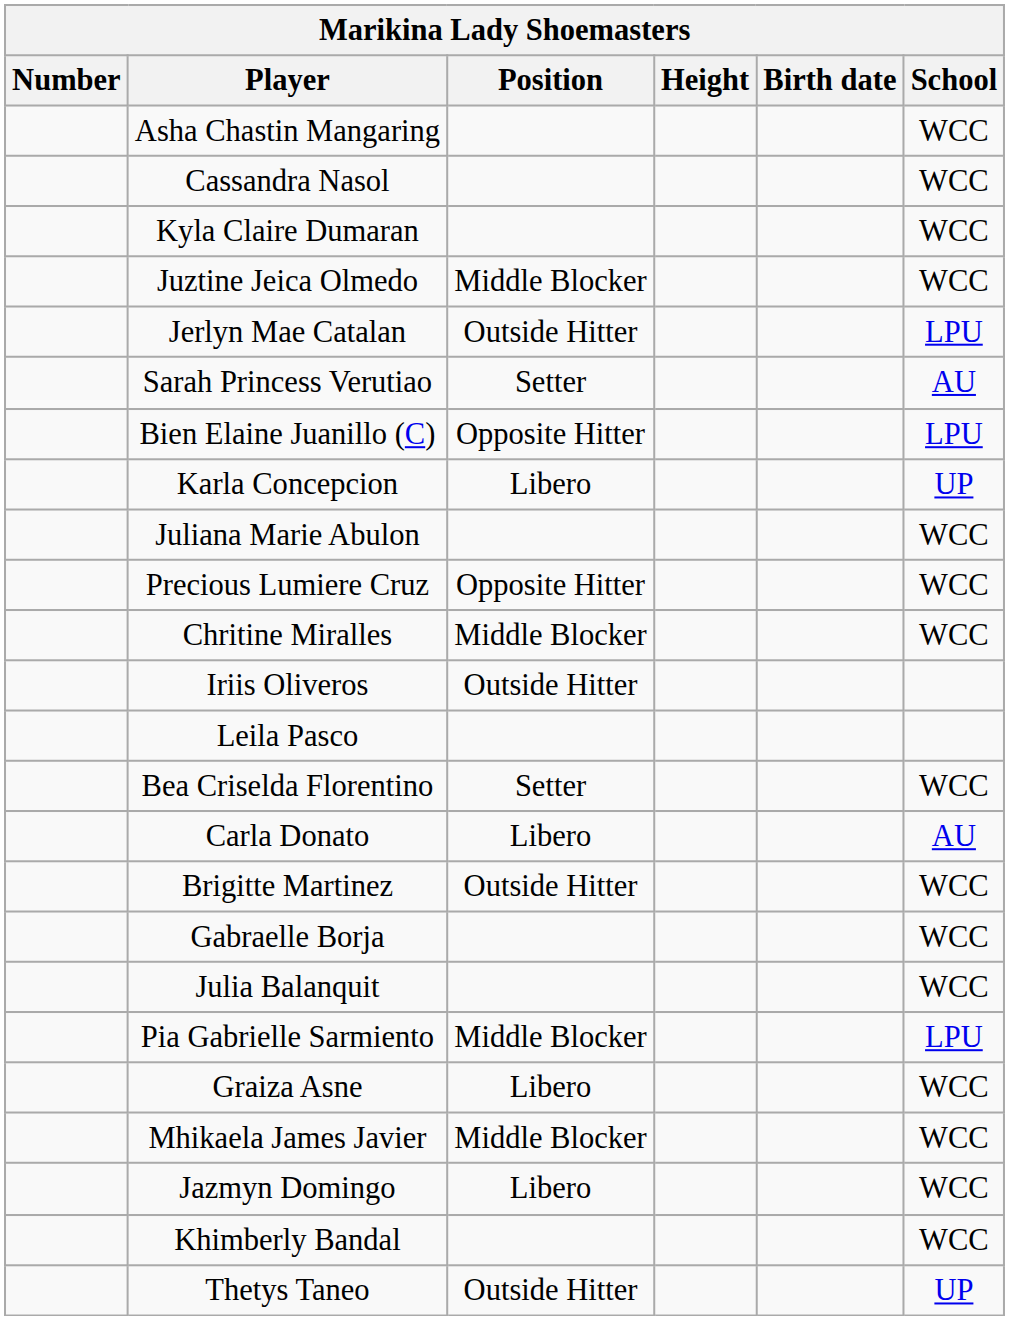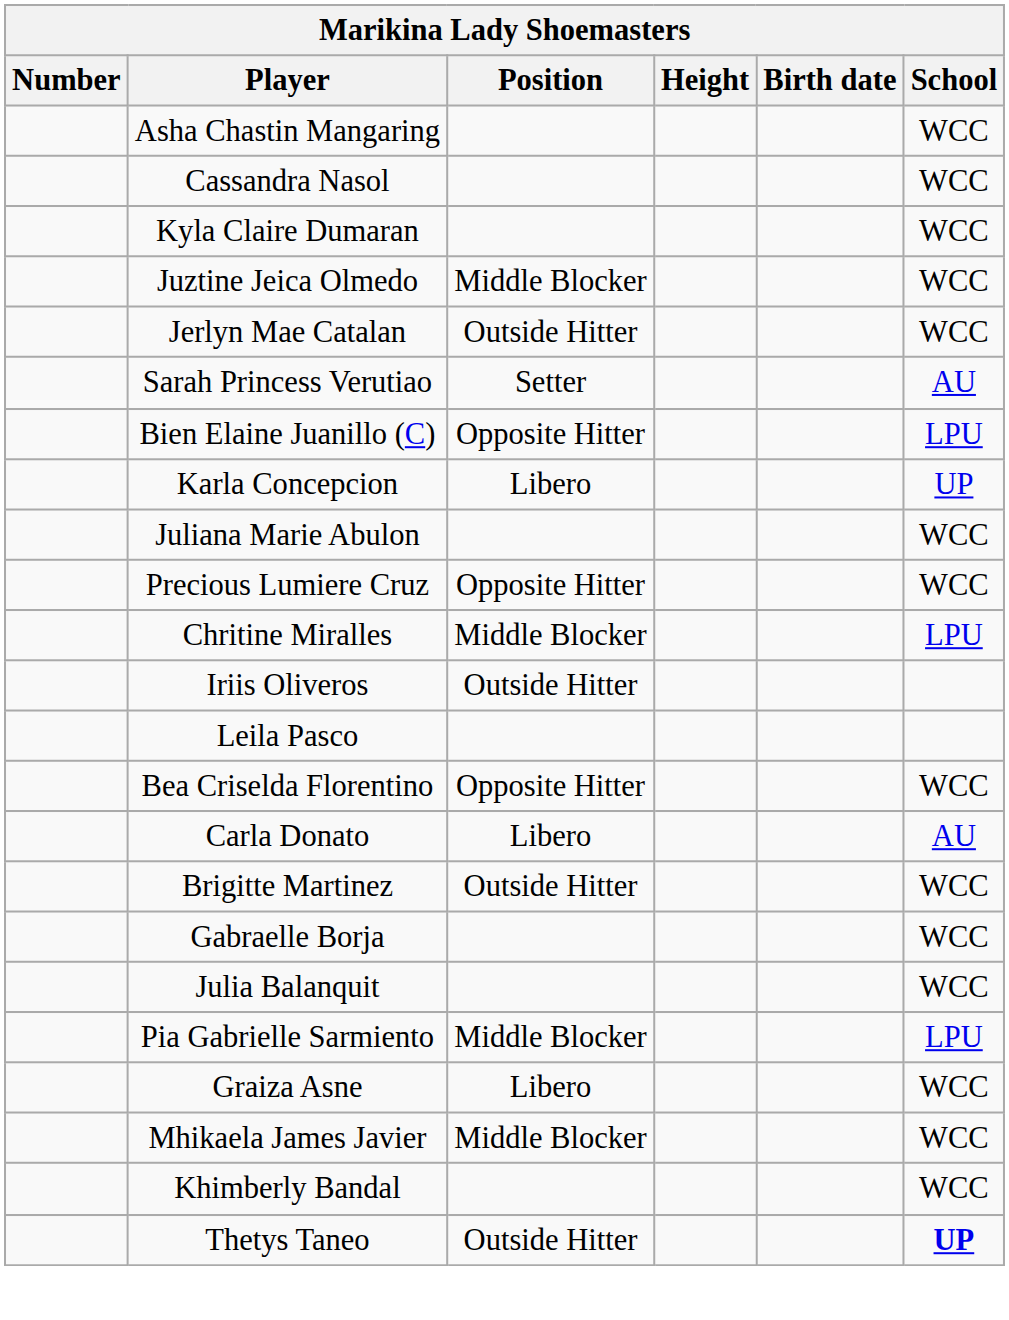 <table class="wikitable sortable" style="font-size:95%; text-align:left;">
 <tr>
 <th colspan="6"><strong>Marikina Lady Shoemasters</strong></th>
 </tr>
 <tr style="background:#FFFFFF;">
 <th style="text-align:center; width:1em;">Number</th>
 <th style"text-align:center;width:17em;">Player</th>
 <th style"text-align:center; width:9em;">Position</th>
 <th style"text-align:center; width:9em;">Height</th>
 <th style"text-align:center; width:13em;">Birth date</th>
 <th style"text-align:center; width:13em;">School</th>
 </tr>
 <tr align=center>
 <td></td>
 <td style"text-align:left">Asha Chastin Mangaring</td>
 <td></td>
 <td></td>
 <td></td>
 <td>WCC</td>
 </tr>
 <tr align=center>
 <td></td>
 <td style"text-align:left">Cassandra Nasol</td>
 <td></td>
 <td></td>
 <td></td>
 <td>WCC</td>
 </tr>
 <tr align=center>
 <td></td>
 <td style"text-align:left">Kyla Claire Dumaran</td>
 <td></td>
 <td></td>
 <td></td>
 <td>WCC</td>
 </tr>
 <tr align=center>
 <td></td>
 <td style"text-align:left">Juztine Jeica Olmedo</td>
 <td>Middle Blocker</td>
 <td></td>
 <td></td>
 <td>WCC</td>
 </tr>
 <tr align=center>
 <td></td>
 <td style"text-align:left">Jerlyn Mae Catalan</td>
 <td>Outside Hitter</td>
 <td></td>
 <td></td>
-<td><a href='#'>LPU</a></td>
+<td>WCC</td>
 </tr>
 <tr align=center>
 <td></td>
 <td style"text-align:left">Sarah Princess Verutiao</td>
 <td>Setter</td>
 <td></td>
 <td></td>
 <td><a href='#'>AU</a></td>
 </tr>
 <tr align=center>
 <td></td>
 <td style"text-align:left">Bien Elaine Juanillo (<a href='#'>C</a>)</td>
 <td>Opposite Hitter</td>
 <td></td>
 <td></td>
 <td><a href='#'>LPU</a></td>
 </tr>
 <tr align=center>
 <td></td>
 <td style"text-align:left">Karla Concepcion</td>
 <td>Libero</td>
 <td></td>
 <td></td>
 <td><a href='#'>UP</a></td>
 </tr>
 <tr align=center>
 <td></td>
 <td style"text-align:left">Juliana Marie Abulon</td>
 <td></td>
 <td></td>
 <td></td>
 <td>WCC</td>
 </tr>
 <tr align=center>
 <td></td>
 <td style"text-align:left">Precious Lumiere Cruz</td>
 <td>Opposite Hitter</td>
 <td></td>
 <td></td>
 <td>WCC</td>
 </tr>
 <tr align=center>
 <td></td>
 <td style"text-align:left">Chritine Miralles</td>
 <td>Middle Blocker</td>
 <td></td>
 <td></td>
-<td>WCC</td>
+<td><a href='#'>LPU</a></td>
 </tr>
 <tr align=center>
 <td></td>
 <td style"text-align:left">Iriis Oliveros</td>
 <td>Outside Hitter</td>
 <td></td>
 <td></td>
 <td></td>
 </tr>
 <tr align=center>
 <td></td>
 <td style"text-align:left">Leila Pasco</td>
 <td></td>
 <td></td>
 <td></td>
 <td></td>
 </tr>
 <tr align=center>
 <td></td>
 <td style"text-align:left">Bea Criselda Florentino</td>
-<td>Setter</td>
+<td>Opposite Hitter</td>
 <td></td>
 <td></td>
 <td>WCC</td>
 </tr>
 <tr align=center>
 <td></td>
 <td style"text-align:left">Carla Donato</td>
 <td>Libero</td>
 <td></td>
 <td></td>
 <td><a href='#'>AU</a></td>
 </tr>
 <tr align=center>
 <td></td>
 <td style"text-align:left">Brigitte Martinez</td>
 <td>Outside Hitter</td>
 <td></td>
 <td></td>
 <td>WCC</td>
 </tr>
 <tr align=center>
 <td></td>
 <td style"text-align:left">Gabraelle Borja</td>
 <td></td>
 <td></td>
 <td></td>
 <td>WCC</td>
 </tr>
 <tr align=center>
 <td></td>
 <td style"text-align:left">Julia Balanquit</td>
 <td></td>
 <td></td>
 <td></td>
 <td>WCC</td>
 </tr>
 <tr align=center>
 <td></td>
 <td style"text-align:left">Pia Gabrielle Sarmiento</td>
 <td>Middle Blocker</td>
 <td></td>
 <td></td>
 <td><a href='#'>LPU</a></td>
 </tr>
 <tr align=center>
 <td></td>
 <td style"text-align:left">Graiza Asne</td>
 <td>Libero</td>
 <td></td>
 <td></td>
 <td>WCC</td>
 </tr>
 <tr align=center>
 <td></td>
 <td style"text-align:left">Mhikaela James Javier</td>
 <td>Middle Blocker</td>
 <td></td>
 <td></td>
 <td>WCC</td>
 </tr>
 <tr align=center>
 <td></td>
-<td style"text-align:left">Jazmyn Domingo</td>
-<td>Libero</td>
-<td></td>
-<td></td>
-<td>WCC</td>
-</tr>
-<tr align=center>
-<td></td>
 <td style"text-align:left">Khimberly Bandal</td>
 <td></td>
 <td></td>
 <td></td>
 <td>WCC</td>
 </tr>
 <tr align=center>
 <td></td>
 <td style"text-align:left">Thetys Taneo</td>
 <td>Outside Hitter</td>
 <td></td>
 <td></td>
-<td><a href='#'>UP</a></td>
+<td><strong><a href='#'>UP</a></strong></td>
 </tr>
 </table>
